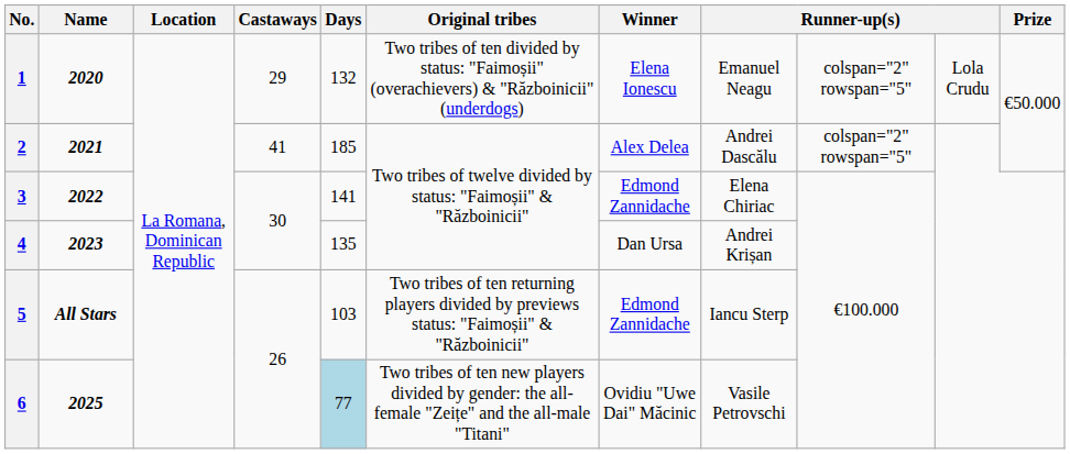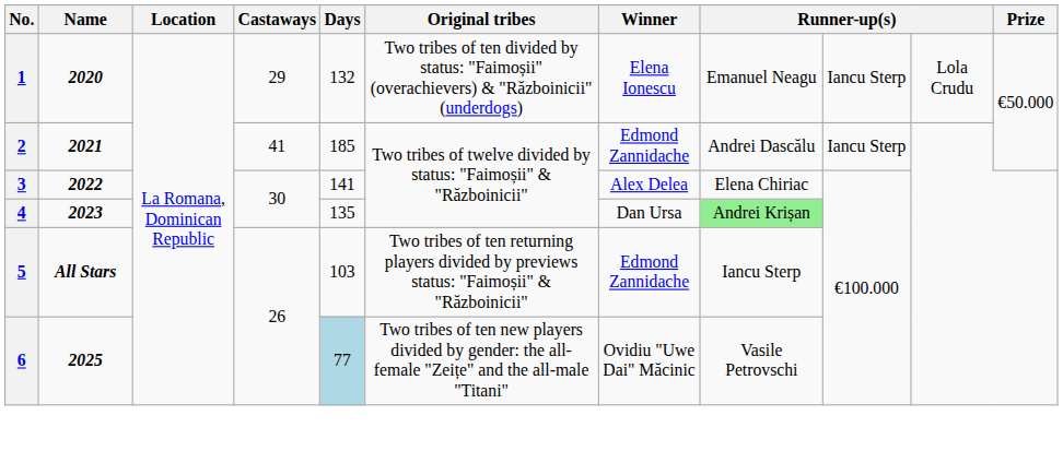 <table class="wikitable" style="width:100%; font-size:90%; text-align:center">
 <tr>
 <th style="width:02%">No.</th>
 <th style="width:10%">Name</th>
 <th style="width:10%">Location</th>
 <th style="width:02%">Castaways</th>
 <th style="width:02%">Days</th>
 <th style="width:25%">Original tribes</th>
 <th style="width:10%">Winner</th>
 <th style="width:30%" colspan="3">Runner-up(s)</th>
 <th style="width:05%">Prize</th>
 </tr>
 <tr>
 <th><a href='#'>1</a></th>
 <td><strong><em>2020</em></strong></td>
 <td rowspan="6"><a href='#'>La Romana</a>, <a href='#'>Dominican Republic</a></td>
 <td>29</td>
 <td>132</td>
 <td>Two tribes of ten divided by status: "Faimoșii" (overachievers) & "Războinicii" (<a href='#'>underdogs</a>)</td>
 <td><a href='#'>Elena Ionescu</a></td>
 <td>Emanuel Neagu</td>
-<td>colspan="2" rowspan="5" </td>
+<td>Iancu Sterp</td>
 <td>Lola Crudu</td>
 <td rowspan="2">€50.000</td>
 </tr>
 <tr>
 <th><a href='#'>2</a></th>
 <td><strong><em>2021</em></strong></td>
 <td>41</td>
 <td>185</td>
 <td rowspan="3">Two tribes of twelve divided by status: "Faimoșii" & "Războinicii"</td>
-<td><a href='#'>Alex Delea</a></td>
+<td><a href='#'>Edmond Zannidache</a></td>
 <td colspan="1">Andrei Dascălu</td>
-<td>colspan="2" rowspan="5" </td>
+<td>Iancu Sterp</td>
 </tr>
 <tr>
 <th><a href='#'>3</a></th>
 <td><strong><em>2022</em></strong></td>
 <td rowspan="2">30</td>
 <td>141</td>
-<td><a href='#'>Edmond Zannidache</a></td>
+<td><a href='#'>Alex Delea</a></td>
 <td colspan="1">Elena Chiriac</td>
 <td rowspan="4">€100.000</td>
 </tr>
 <tr>
 <th><a href='#'>4</a></th>
 <td><strong><em>2023</em></strong></td>
 <td>135</td>
 <td>Dan Ursa</td>
-<td colspan="1">Andrei Krișan</td>
+<td colspan="1" style="background: lightgreen;">Andrei Krișan</td>
 </tr>
 <tr>
 <th><a href='#'>5</a></th>
 <td><strong><em>All Stars</em></strong></td>
 <td rowspan="2">26</td>
 <td>103</td>
 <td>Two tribes of ten returning players divided by previews status: "Faimoșii" & "Războinicii"</td>
 <td><a href='#'>Edmond Zannidache</a></td>
 <td>Iancu Sterp</td>
 </tr>
 <tr>
 <th><a href='#'>6</a></th>
 <td><strong><em>2025</em></strong></td>
 <td style="background: lightblue;">77</td>
 <td>Two tribes of ten new players divided by gender: the all-female "Zeițe" and the all-male "Titani"</td>
 <td>Ovidiu "Uwe Dai" Măcinic</td>
 <td>Vasile Petrovschi</td>
 </tr>
 </table>
